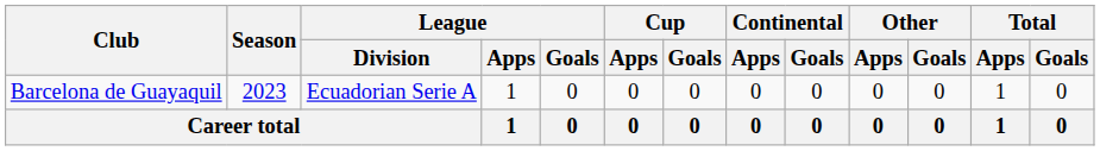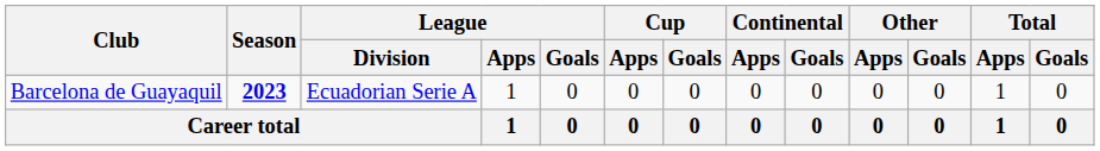 <table class=wikitable style=text-align:center>
 <tr>
 <th rowspan=2>Club</th>
 <th rowspan=2>Season</th>
 <th colspan=3>League</th>
 <th colspan=2>Cup</th>
 <th colspan=2>Continental</th>
 <th colspan=2>Other</th>
 <th colspan=2>Total</th>
 </tr>
 <tr>
 <th>Division</th>
 <th>Apps</th>
 <th>Goals</th>
 <th>Apps</th>
 <th>Goals</th>
 <th>Apps</th>
 <th>Goals</th>
 <th>Apps</th>
 <th>Goals</th>
 <th>Apps</th>
 <th>Goals</th>
 </tr>
 <tr>
 <td><a href='#'>Barcelona de Guayaquil</a></td>
-<td><a href='#'>2023</a></td>
+<td><strong><a href='#'>2023</a></strong></td>
 <td><a href='#'>Ecuadorian Serie A</a></td>
 <td>1</td>
 <td>0</td>
 <td>0</td>
 <td>0</td>
 <td>0</td>
 <td>0</td>
 <td>0</td>
 <td>0</td>
 <td>1</td>
 <td>0</td>
 </tr>
 <tr>
 <th colspan="3"><strong>Career total</strong></th>
 <th>1</th>
 <th>0</th>
 <th>0</th>
 <th>0</th>
 <th>0</th>
 <th>0</th>
 <th>0</th>
 <th>0</th>
 <th>1</th>
 <th>0</th>
 </tr>
 </table>
